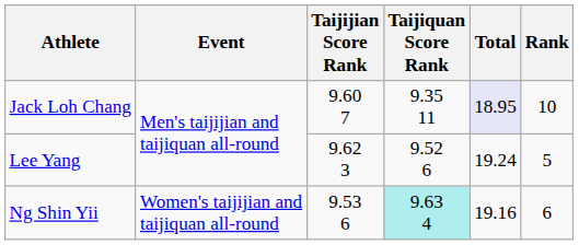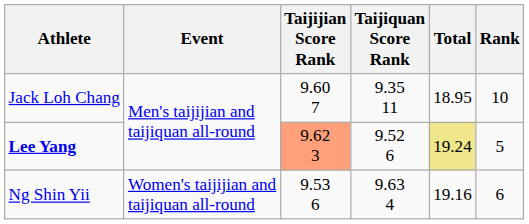 <table class="wikitable" style="text-align:center; font-size:90%">
 <tr>
 <th>Athlete</th>
 <th>Event</th>
 <th>Taijijian<br>Score<br>Rank</th>
 <th>Taijiquan<br>Score<br>Rank</th>
 <th>Total</th>
 <th>Rank</th>
 </tr>
 <tr>
 <td align=left><a href='#'>Jack Loh Chang</a></td>
 <td align=left rowspan=2><a href='#'>Men's taijijian and<br>taijiquan all-round</a></td>
 <td>9.60<br>7</td>
 <td>9.35<br>11</td>
-<td style="background: lavender;">18.95</td>
+<td>18.95</td>
 <td>10</td>
 </tr>
 <tr>
-<td align=left><a href='#'>Lee Yang</a></td>
-<td>9.62<br>3</td>
+<td align=left><strong><a href='#'>Lee Yang</a></strong></td>
+<td style="background: lightsalmon;">9.62<br>3</td>
 <td>9.52<br>6</td>
-<td>19.24</td>
+<td style="background: khaki;">19.24</td>
 <td>5</td>
 </tr>
 <tr>
 <td align=left><a href='#'>Ng Shin Yii</a></td>
 <td align=left><a href='#'>Women's taijijian and<br>taijiquan all-round</a></td>
 <td>9.53<br>6</td>
-<td style="background: paleturquoise;">9.63<br>4</td>
+<td>9.63<br>4</td>
 <td>19.16</td>
 <td>6</td>
 </tr>
 </table>
